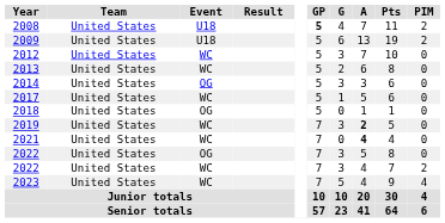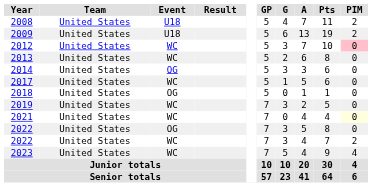 <table border="0" cellpadding="1" cellspacing="0" style="text-align:center; width:40em">
 <tr ALIGN="centre" bgcolor="#e0e0e0">
 <th>Year</th>
 <th>Team</th>
 <th>Event</th>
 <th>Result</th>
 <th rowspan="99" bgcolor="#ffffff"> </th>
 <th>GP</th>
 <th>G</th>
 <th>A</th>
 <th>Pts</th>
 <th>PIM</th>
 </tr>
 <tr>
 <td><a href='#'>2008</a></td>
 <td><a href='#'>United States</a></td>
 <td><a href='#'>U18</a></td>
 <td></td>
-<td><strong>5</strong></td>
+<td>5</td>
 <td>4</td>
 <td>7</td>
 <td>11</td>
 <td>2</td>
 </tr>
 <tr style="background:#f0f0f0;">
 <td><a href='#'>2009</a></td>
 <td>United States</td>
 <td>U18</td>
 <td></td>
 <td>5</td>
 <td>6</td>
 <td>13</td>
 <td>19</td>
 <td>2</td>
 </tr>
 <tr>
 <td><a href='#'>2012</a></td>
 <td><a href='#'>United States</a></td>
 <td><a href='#'>WC</a></td>
 <td></td>
 <td>5</td>
 <td>3</td>
 <td>7</td>
 <td>10</td>
-<td>0</td>
+<td style="background: pink;">0</td>
 </tr>
 <tr style="background:#f0f0f0;">
 <td><a href='#'>2013</a></td>
 <td>United States</td>
 <td>WC</td>
 <td></td>
 <td>5</td>
 <td>2</td>
 <td>6</td>
 <td>8</td>
 <td>0</td>
 </tr>
 <tr>
 <td><a href='#'>2014</a></td>
 <td>United States</td>
 <td><a href='#'>OG</a></td>
 <td></td>
 <td>5</td>
 <td>3</td>
 <td>3</td>
 <td>6</td>
 <td>0</td>
 </tr>
 <tr style="background:#f0f0f0;">
 <td><a href='#'>2017</a></td>
 <td>United States</td>
 <td>WC</td>
 <td></td>
 <td>5</td>
 <td>1</td>
 <td>5</td>
 <td>6</td>
 <td>0</td>
 </tr>
 <tr>
 <td><a href='#'>2018</a></td>
 <td>United States</td>
 <td>OG</td>
 <td></td>
 <td>5</td>
 <td>0</td>
 <td>1</td>
 <td>1</td>
 <td>0</td>
 </tr>
 <tr style="background:#f0f0f0;">
 <td><a href='#'>2019</a></td>
 <td>United States</td>
 <td>WC</td>
 <td></td>
 <td>7</td>
 <td>3</td>
-<td><strong>2</strong></td>
+<td>2</td>
 <td>5</td>
 <td>0</td>
 </tr>
 <tr>
 <td><a href='#'>2021</a></td>
 <td>United States</td>
 <td>WC</td>
 <td></td>
 <td>7</td>
 <td>0</td>
-<td><strong>4</strong></td>
 <td>4</td>
-<td>0</td>
+<td>4</td>
+<td style="background: lightyellow;">0</td>
 </tr>
 <tr style="background:#f0f0f0;">
 <td><a href='#'>2022</a></td>
 <td>United States</td>
 <td>OG</td>
 <td></td>
 <td>7</td>
 <td>3</td>
 <td>5</td>
 <td>8</td>
 <td>0</td>
 </tr>
 <tr>
 <td><a href='#'>2022</a></td>
 <td>United States</td>
 <td>WC</td>
 <td></td>
 <td>7</td>
 <td>3</td>
 <td>4</td>
 <td>7</td>
 <td>2</td>
 </tr>
 <tr style="background:#f0f0f0;">
 <td><a href='#'>2023</a></td>
 <td>United States</td>
 <td>WC</td>
 <td></td>
 <td>7</td>
 <td>5</td>
 <td>4</td>
 <td>9</td>
 <td>4</td>
 </tr>
 <tr style="background:#e0e0e0;">
 <th colspan=4>Junior totals</th>
 <th>10</th>
 <th>10</th>
 <th>20</th>
 <th>30</th>
 <th>4</th>
 </tr>
 <tr style="background:#e0e0e0;">
 <th colspan=4>Senior totals</th>
 <th>57</th>
 <th>23</th>
 <th>41</th>
 <th>64</th>
 <th>6</th>
 </tr>
 </table>
